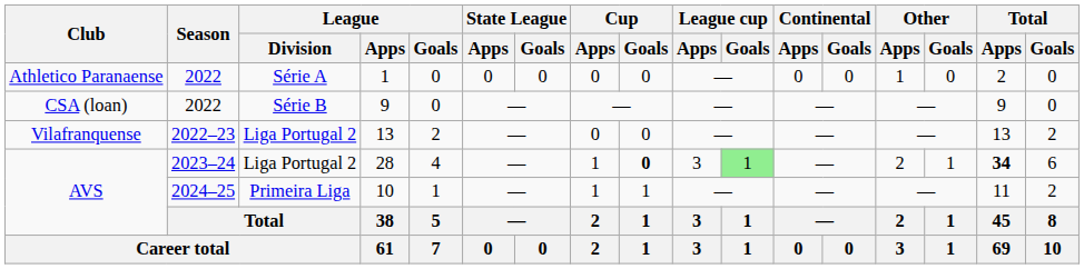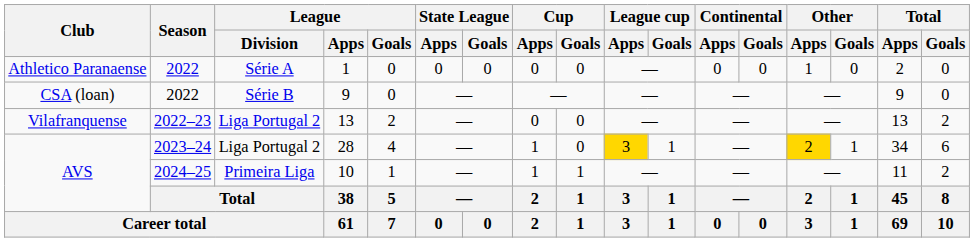 <table class="wikitable" style="text-align: center;">
 <tr>
 <th rowspan="2">Club</th>
 <th rowspan="2">Season</th>
 <th colspan="3">League</th>
 <th colspan="2">State League</th>
 <th colspan="2">Cup</th>
 <th colspan="2">League cup</th>
 <th colspan="2">Continental</th>
 <th colspan="2">Other</th>
 <th colspan="2">Total</th>
 </tr>
 <tr>
 <th>Division</th>
 <th>Apps</th>
 <th>Goals</th>
 <th>Apps</th>
 <th>Goals</th>
 <th>Apps</th>
 <th>Goals</th>
 <th>Apps</th>
 <th>Goals</th>
 <th>Apps</th>
 <th>Goals</th>
 <th>Apps</th>
 <th>Goals</th>
 <th>Apps</th>
 <th>Goals</th>
 </tr>
 <tr>
 <td valign="center"><a href='#'>Athletico Paranaense</a></td>
 <td><a href='#'>2022</a></td>
 <td><a href='#'>Série A</a></td>
 <td>1</td>
 <td>0</td>
 <td>0</td>
 <td>0</td>
 <td>0</td>
 <td>0</td>
 <td colspan="2">—</td>
 <td>0</td>
 <td>0</td>
 <td>1</td>
 <td>0</td>
 <td>2</td>
 <td>0</td>
 </tr>
 <tr>
 <td valign="center"><a href='#'>CSA</a> (loan)</td>
 <td>2022</td>
 <td><a href='#'>Série B</a></td>
 <td>9</td>
 <td>0</td>
 <td colspan=2>—</td>
 <td colspan=2>—</td>
 <td colspan="2">—</td>
 <td colspan=2>—</td>
 <td colspan=2>—</td>
 <td>9</td>
 <td>0</td>
 </tr>
 <tr>
 <td valign="center"><a href='#'>Vilafranquense</a></td>
 <td><a href='#'>2022–23</a></td>
 <td><a href='#'>Liga Portugal 2</a></td>
 <td>13</td>
 <td>2</td>
 <td colspan=2>—</td>
 <td>0</td>
 <td>0</td>
 <td colspan="2">—</td>
 <td colspan=2>—</td>
 <td colspan=2>—</td>
 <td>13</td>
 <td>2</td>
 </tr>
 <tr>
 <td valign="center" rowspan="3"><a href='#'>AVS</a></td>
 <td><a href='#'>2023–24</a></td>
 <td>Liga Portugal 2</td>
 <td>28</td>
 <td>4</td>
 <td colspan=2>—</td>
 <td>1</td>
-<td><strong>0</strong></td>
-<td>3</td>
-<td style="background: lightgreen;">1</td>
+<td>0</td>
+<td style="background: gold;">3</td>
+<td>1</td>
 <td colspan=2>—</td>
-<td>2</td>
+<td style="background: gold;">2</td>
 <td>1</td>
-<td><strong>34</strong></td>
+<td>34</td>
 <td>6</td>
 </tr>
 <tr>
 <td><a href='#'>2024–25</a></td>
 <td><a href='#'>Primeira Liga</a></td>
 <td>10</td>
 <td>1</td>
 <td colspan=2>—</td>
 <td>1</td>
 <td>1</td>
 <td colspan="2">—</td>
 <td colspan=2>—</td>
 <td colspan=2>—</td>
 <td>11</td>
 <td>2</td>
 </tr>
 <tr>
 <th colspan="2">Total</th>
 <th>38</th>
 <th>5</th>
 <th colspan=2>—</th>
 <th>2</th>
 <th>1</th>
 <th>3</th>
 <th>1</th>
 <th colspan=2>—</th>
 <th>2</th>
 <th>1</th>
 <th>45</th>
 <th>8</th>
 </tr>
 <tr>
 <th colspan="3"><strong>Career total</strong></th>
 <th>61</th>
 <th>7</th>
 <th>0</th>
 <th>0</th>
 <th>2</th>
 <th>1</th>
 <th>3</th>
 <th>1</th>
 <th>0</th>
 <th>0</th>
 <th>3</th>
 <th>1</th>
 <th>69</th>
 <th>10</th>
 </tr>
 </table>
